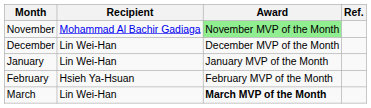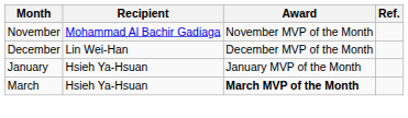 <table class="wikitable">
 <tr>
 <th>Month</th>
 <th>Recipient</th>
 <th>Award</th>
 <th>Ref.</th>
 </tr>
 <tr>
 <td>November</td>
 <td><a href='#'>Mohammad Al Bachir Gadiaga</a></td>
-<td style="background: lightgreen;">November MVP of the Month</td>
+<td>November MVP of the Month</td>
 <td></td>
 </tr>
 <tr>
 <td>December</td>
 <td>Lin Wei-Han</td>
 <td>December MVP of the Month</td>
 <td></td>
 </tr>
 <tr>
 <td>January</td>
-<td>Lin Wei-Han</td>
+<td>Hsieh Ya-Hsuan</td>
 <td>January MVP of the Month</td>
 <td></td>
 </tr>
 <tr>
-<td>February</td>
+<td>March</td>
 <td>Hsieh Ya-Hsuan</td>
-<td>February MVP of the Month</td>
-<td></td>
-</tr>
-<tr>
-<td>March</td>
-<td>Lin Wei-Han</td>
 <td><strong>March MVP of the Month</strong></td>
 <td></td>
 </tr>
 </table>
